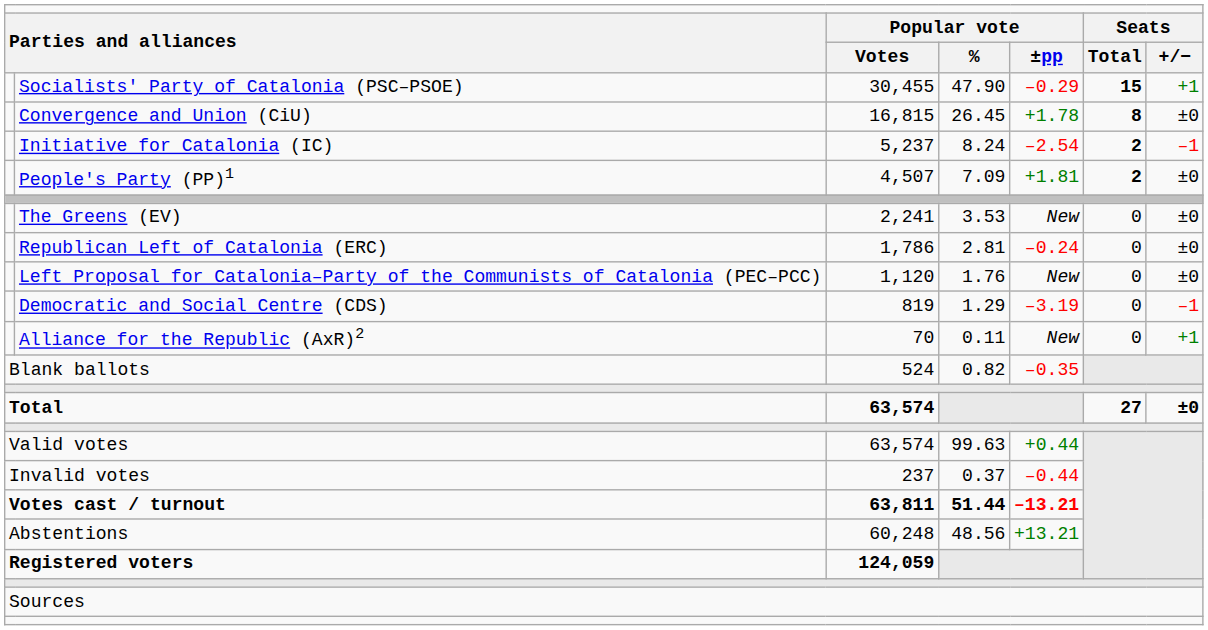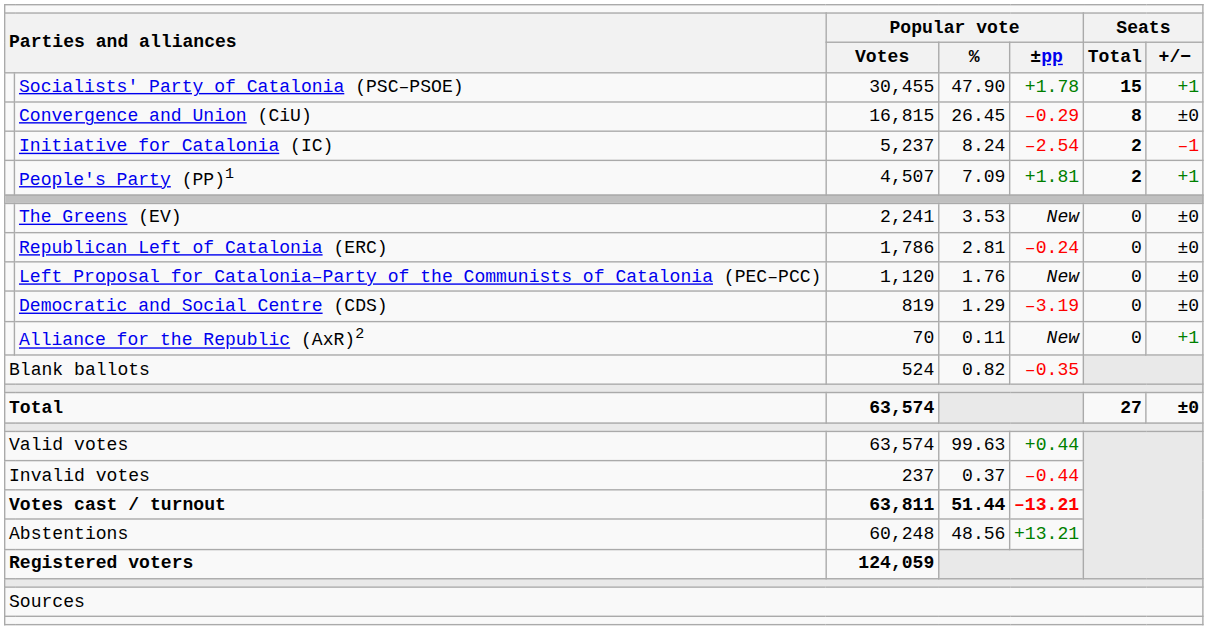 <table class="wikitable" style="text-align:right;">
 <tr>
 <td colspan="7"></td>
 </tr>
 <tr>
 <th style="text-align:left;" rowspan="2" colspan="2" width="525">Parties and alliances</th>
 <th colspan="3">Popular vote</th>
 <th colspan="2">Seats</th>
 </tr>
 <tr>
 <th width="75">Votes</th>
 <th width="45">%</th>
 <th width="45">±<a href='#'>pp</a></th>
 <th width="35">Total</th>
 <th width="35">+/−</th>
 </tr>
 <tr>
 <td width="1" style="color:inherit;background:"></td>
 <td align="left"><a href='#'>Socialists' Party of Catalonia</a> (PSC–PSOE)</td>
 <td>30,455</td>
 <td>47.90</td>
-<td style="color:red;">–0.29</td>
+<td style="color:green;">+1.78</td>
 <td><strong>15</strong></td>
 <td style="color:green;">+1</td>
 </tr>
 <tr>
 <td style="color:inherit;background:"></td>
 <td align="left"><a href='#'>Convergence and Union</a> (CiU)</td>
 <td>16,815</td>
 <td>26.45</td>
-<td style="color:green;">+1.78</td>
+<td style="color:red;">–0.29</td>
 <td><strong>8</strong></td>
 <td>±0</td>
 </tr>
 <tr>
 <td style="color:inherit;background:"></td>
 <td align="left"><a href='#'>Initiative for Catalonia</a> (IC)</td>
 <td>5,237</td>
 <td>8.24</td>
 <td style="color:red;">–2.54</td>
 <td><strong>2</strong></td>
 <td style="color:red;">–1</td>
 </tr>
 <tr>
 <td style="color:inherit;background:"></td>
 <td align="left"><a href='#'>People's Party</a> (PP)<sup>1</sup></td>
 <td>4,507</td>
 <td>7.09</td>
 <td style="color:green;">+1.81</td>
 <td><strong>2</strong></td>
-<td>±0</td>
+<td style="color:green;">+1</td>
 </tr>
 <tr>
 <td colspan="7" style="color:inherit;background:#C0C0C0"></td>
 </tr>
 <tr>
 <td style="color:inherit;background:"></td>
 <td align="left"><a href='#'>The Greens</a> (EV)</td>
 <td>2,241</td>
 <td>3.53</td>
 <td><em>New</em></td>
 <td>0</td>
 <td>±0</td>
 </tr>
 <tr>
 <td style="color:inherit;background:"></td>
 <td align="left"><a href='#'>Republican Left of Catalonia</a> (ERC)</td>
 <td>1,786</td>
 <td>2.81</td>
 <td style="color:red;">–0.24</td>
 <td>0</td>
 <td>±0</td>
 </tr>
 <tr>
 <td style="color:inherit;background:"></td>
 <td align="left"><a href='#'>Left Proposal for Catalonia–Party of the Communists of Catalonia</a> (PEC–PCC)</td>
 <td>1,120</td>
 <td>1.76</td>
 <td><em>New</em></td>
 <td>0</td>
 <td>±0</td>
 </tr>
 <tr>
 <td style="color:inherit;background:"></td>
 <td align="left"><a href='#'>Democratic and Social Centre</a> (CDS)</td>
 <td>819</td>
 <td>1.29</td>
 <td style="color:red;">–3.19</td>
 <td>0</td>
-<td style="color:red;">–1</td>
+<td>±0</td>
 </tr>
 <tr>
 <td style="color:inherit;background:"></td>
 <td align="left"><a href='#'>Alliance for the Republic</a> (AxR)<sup>2</sup></td>
 <td>70</td>
 <td>0.11</td>
 <td><em>New</em></td>
 <td>0</td>
 <td style="color:green;">+1</td>
 </tr>
 <tr>
 <td align="left" colspan="2">Blank ballots</td>
 <td>524</td>
 <td>0.82</td>
 <td style="color:red;">–0.35</td>
 <td style="color:inherit;background:#E9E9E9" colspan="2"></td>
 </tr>
 <tr>
 <td colspan="7" style="color:inherit;background:#E9E9E9"></td>
 </tr>
 <tr style="font-weight:bold;">
 <td align="left" colspan="2">Total</td>
 <td>63,574</td>
 <td bgcolor="#E9E9E9" colspan="2"></td>
 <td>27</td>
 <td>±0</td>
 </tr>
 <tr>
 <td colspan="7" style="color:inherit;background:#E9E9E9"></td>
 </tr>
 <tr>
 <td align="left" colspan="2">Valid votes</td>
 <td>63,574</td>
 <td>99.63</td>
 <td style="color:green;">+0.44</td>
 <td bgcolor="#E9E9E9" colspan="2" rowspan="5"></td>
 </tr>
 <tr>
 <td align="left" colspan="2">Invalid votes</td>
 <td>237</td>
 <td>0.37</td>
 <td style="color:red;">–0.44</td>
 </tr>
 <tr style="font-weight:bold;">
 <td align="left" colspan="2">Votes cast / turnout</td>
 <td>63,811</td>
 <td>51.44</td>
 <td style="color:red;">–13.21</td>
 </tr>
 <tr>
 <td align="left" colspan="2">Abstentions</td>
 <td>60,248</td>
 <td>48.56</td>
 <td style="color:green;">+13.21</td>
 </tr>
 <tr style="font-weight:bold;">
 <td align="left" colspan="2">Registered voters</td>
 <td>124,059</td>
 <td bgcolor="#E9E9E9" colspan="2"></td>
 </tr>
 <tr>
 <td colspan="7" style="color:inherit;background:#E9E9E9"></td>
 </tr>
 <tr>
 <td align="left" colspan="7">Sources</td>
 </tr>
 <tr>
 <td colspan="7" style="text-align:left; max-width:790px;"></td>
 </tr>
 </table>
